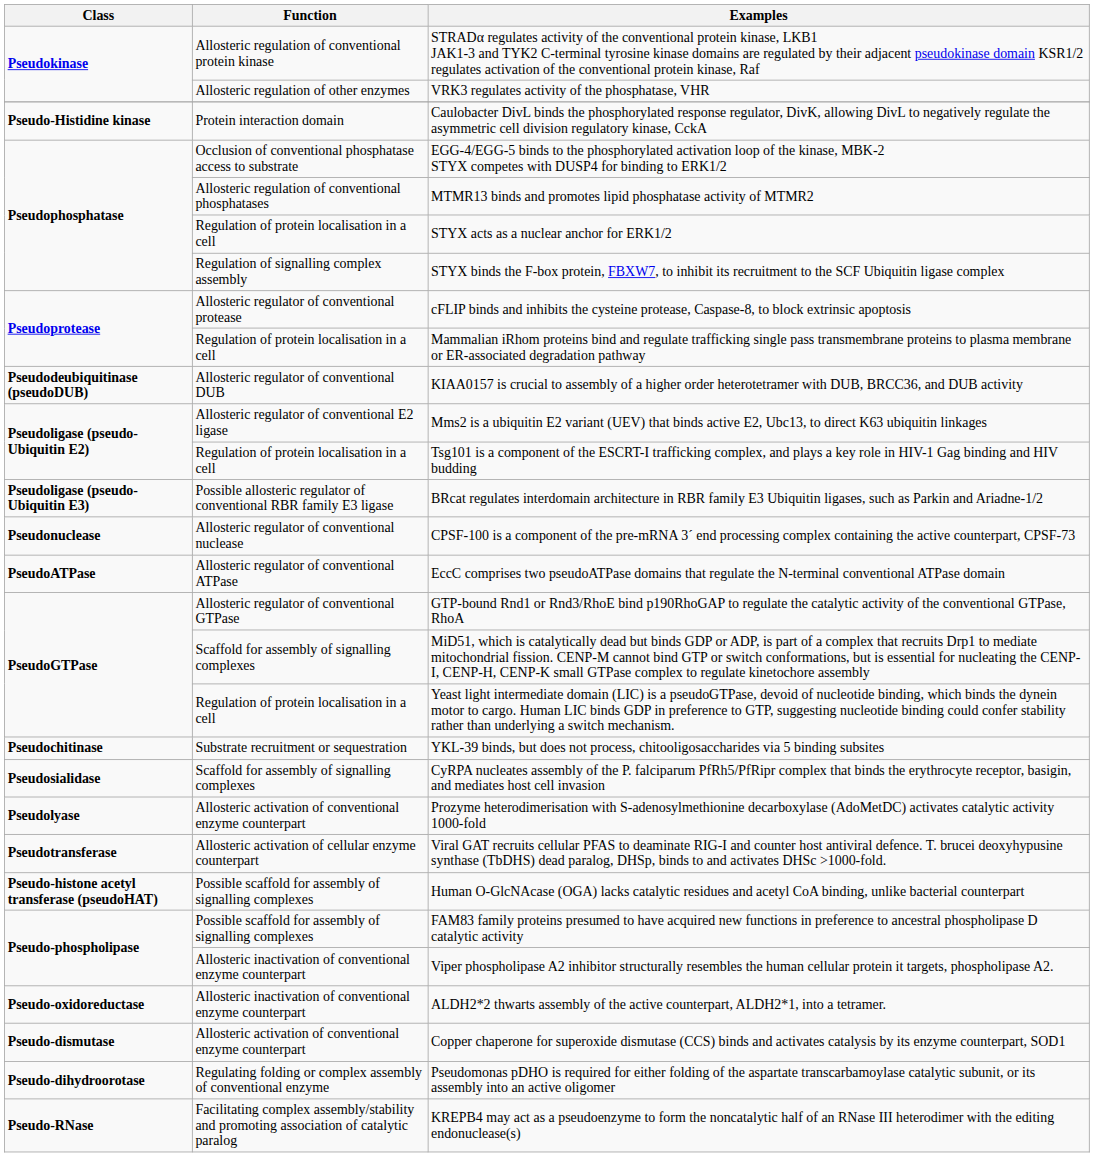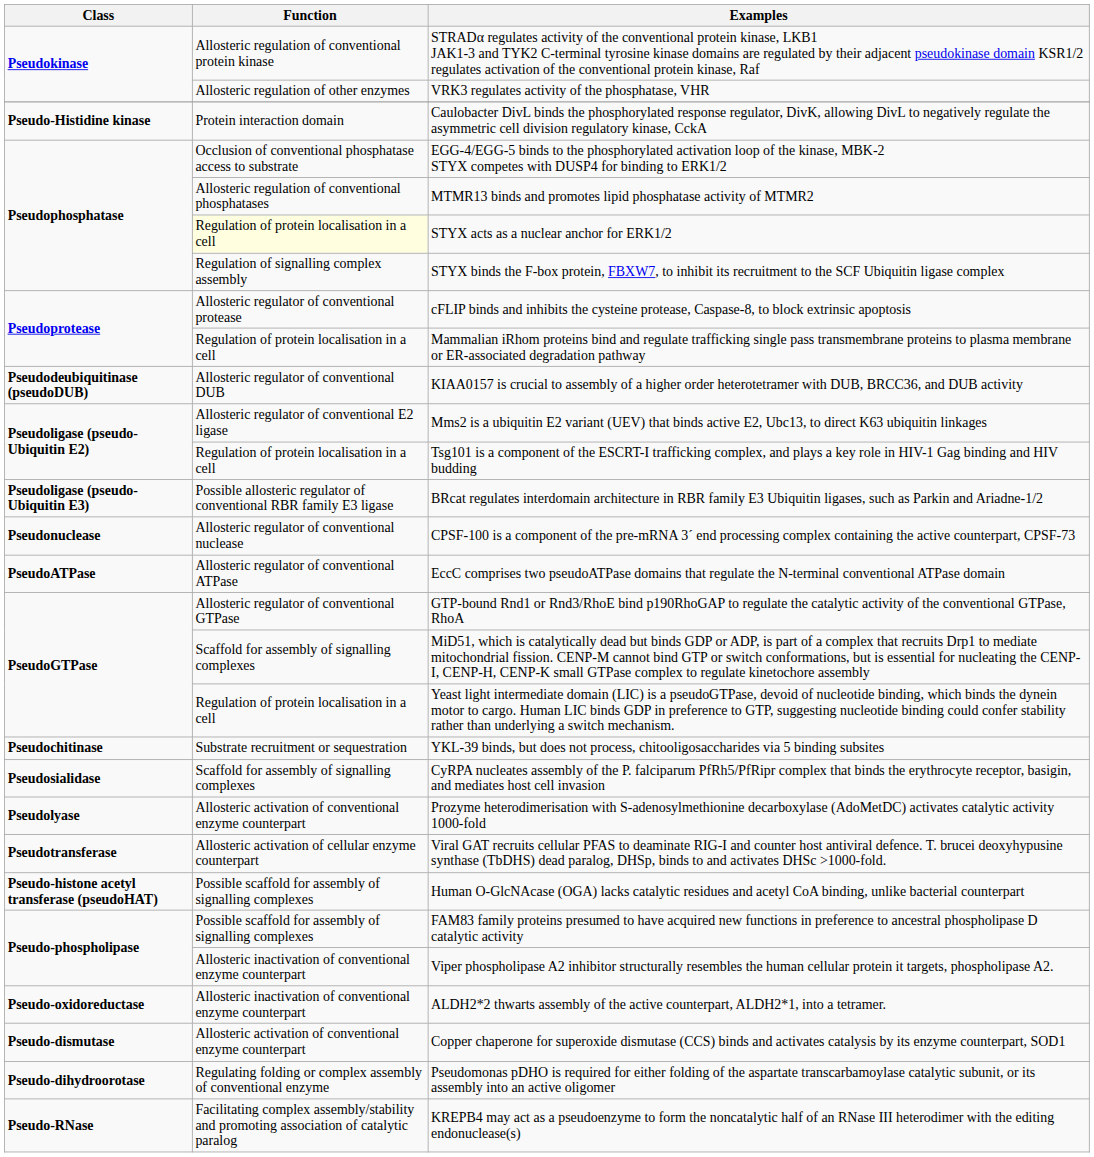 <table class="wikitable">
 <tr>
 <th>Class</th>
 <th>Function</th>
 <th>Examples </th>
 </tr>
 <tr>
 <td rowspan="2"><strong><a href='#'>Pseudokinase</a></strong></td>
 <td>Allosteric regulation of conventional protein kinase</td>
 <td>STRADα regulates activity of the conventional protein kinase, LKB1<br>JAK1-3 and TYK2 C-terminal tyrosine kinase domains are regulated by their adjacent <a href='#'>pseudokinase domain</a> KSR1/2 regulates activation of the conventional protein kinase, Raf</td>
 </tr>
 <tr>
 <td>Allosteric regulation of other enzymes</td>
 <td>VRK3 regulates activity of the phosphatase, VHR</td>
 </tr>
 <tr |  || Protein interaction domain  || MLKL pseudokinase regulates exposure of the executioner four-helix bundle domain, and engagement of HSP90:Cdc37>
 </tr>
 <tr | || Scaffold for assembly of signalling complexes || Tribbles proteins nucleate assembly of a complex between a substrate (C/EBPα) and the E3 Ubiquitin ligase, COP1>
 </tr>
 <tr>
 <td><strong>Pseudo-Histidine kinase</strong></td>
 <td>Protein interaction domain</td>
 <td>Caulobacter DivL binds the phosphorylated response regulator, DivK, allowing DivL to negatively regulate the asymmetric cell division regulatory kinase, CckA</td>
 </tr>
 <tr>
 <td rowspan="4"><strong>Pseudophosphatase</strong></td>
 <td>Occlusion of conventional phosphatase access to substrate</td>
 <td>EGG-4/EGG-5 binds to the phosphorylated activation loop of the kinase, MBK-2<br>STYX competes with DUSP4 for binding to ERK1/2</td>
 </tr>
 <tr>
 <td>Allosteric regulation of conventional phosphatases</td>
 <td>MTMR13 binds and promotes lipid phosphatase activity of MTMR2</td>
 </tr>
 <tr>
-<td>Regulation of protein localisation in a cell</td>
+<td style="background: lightyellow;">Regulation of protein localisation in a cell</td>
 <td>STYX acts as a nuclear anchor for ERK1/2</td>
 </tr>
 <tr>
 <td>Regulation of signalling complex assembly</td>
 <td>STYX binds the F-box protein, <a href='#'>FBXW7</a>, to inhibit its recruitment to the SCF Ubiquitin ligase complex</td>
 </tr>
 <tr>
 <td rowspan="2"><strong><a href='#'>Pseudoprotease</a></strong></td>
 <td>Allosteric regulator of conventional protease</td>
 <td>cFLIP binds and inhibits the cysteine protease, Caspase-8, to block extrinsic apoptosis</td>
 </tr>
 <tr>
 <td>Regulation of protein localisation in a cell</td>
 <td>Mammalian iRhom proteins bind and regulate trafficking single pass transmembrane proteins to plasma membrane or ER-associated degradation pathway</td>
 </tr>
 <tr>
 <td><strong>Pseudodeubiquitinase (pseudoDUB)</strong></td>
 <td>Allosteric regulator of conventional DUB</td>
 <td>KIAA0157 is crucial to assembly of a higher order heterotetramer with DUB, BRCC36, and DUB activity</td>
 </tr>
 <tr>
 <td rowspan="2"><strong>Pseudoligase (pseudo-Ubiquitin E2)</strong></td>
 <td>Allosteric regulator of conventional E2 ligase</td>
 <td>Mms2 is a ubiquitin E2 variant (UEV) that binds active E2, Ubc13, to direct K63 ubiquitin linkages</td>
 </tr>
 <tr>
 <td>Regulation of protein localisation in a cell</td>
 <td>Tsg101 is a component of the ESCRT-I trafficking complex, and plays a key role in HIV-1 Gag binding and HIV budding</td>
 </tr>
 <tr>
 <td><strong>Pseudoligase (pseudo-Ubiquitin E3)</strong></td>
 <td>Possible allosteric regulator of conventional RBR family E3 ligase</td>
 <td>BRcat  regulates interdomain architecture in RBR family E3 Ubiquitin ligases, such as Parkin and Ariadne-1/2</td>
 </tr>
 <tr>
 <td><strong>Pseudonuclease</strong></td>
 <td>Allosteric regulator of conventional nuclease</td>
 <td>CPSF-100 is a component of the pre-mRNA 3´ end processing complex containing the active counterpart, CPSF-73</td>
 </tr>
 <tr>
 <td><strong>PseudoATPase</strong></td>
 <td>Allosteric regulator of conventional ATPase</td>
 <td>EccC comprises two pseudoATPase domains that regulate the N-terminal conventional ATPase domain</td>
 </tr>
 <tr>
 <td rowspan="3"><strong>PseudoGTPase</strong></td>
 <td>Allosteric regulator of conventional GTPase</td>
 <td>GTP-bound Rnd1 or Rnd3/RhoE bind p190RhoGAP to regulate the catalytic activity of the conventional GTPase, RhoA</td>
 </tr>
 <tr>
 <td>Scaffold for assembly of signalling complexes</td>
 <td>MiD51, which is catalytically dead but binds GDP or ADP, is part of a complex that recruits Drp1 to mediate mitochondrial fission. CENP-M cannot bind GTP or switch conformations, but is essential for nucleating the CENP-I, CENP-H, CENP-K small GTPase complex to regulate kinetochore assembly</td>
 </tr>
 <tr>
 <td>Regulation of protein localisation in a cell</td>
 <td>Yeast light intermediate domain (LIC) is a pseudoGTPase, devoid of nucleotide binding, which binds the dynein motor to cargo. Human LIC binds GDP in preference to GTP, suggesting nucleotide binding could confer stability rather than underlying a switch mechanism.</td>
 </tr>
 <tr>
 <td><strong>Pseudochitinase</strong></td>
 <td>Substrate recruitment or sequestration</td>
 <td>YKL-39 binds, but does not process, chitooligosaccharides via 5 binding subsites</td>
 </tr>
 <tr>
 <td><strong>Pseudosialidase</strong></td>
 <td>Scaffold for assembly of signalling complexes</td>
 <td>CyRPA nucleates assembly of the P. falciparum PfRh5/PfRipr  complex that binds the erythrocyte receptor, basigin, and mediates host cell invasion</td>
 </tr>
 <tr>
 <td><strong>Pseudolyase</strong></td>
 <td>Allosteric activation of conventional enzyme counterpart</td>
 <td>Prozyme heterodimerisation with S-adenosylmethionine decarboxylase (AdoMetDC) activates catalytic activity 1000-fold</td>
 </tr>
 <tr>
 <td><strong>Pseudotransferase</strong></td>
 <td>Allosteric activation of cellular enzyme counterpart</td>
 <td>Viral GAT recruits cellular PFAS to deaminate RIG-I and counter host antiviral defence. T. brucei deoxyhypusine synthase (TbDHS) dead paralog, DHSp, binds to and activates DHSc >1000-fold.</td>
 </tr>
 <tr>
 <td><strong>Pseudo-histone acetyl transferase (pseudoHAT)</strong></td>
 <td>Possible scaffold for assembly of signalling complexes</td>
 <td>Human O-GlcNAcase (OGA) lacks catalytic residues and acetyl CoA binding, unlike bacterial counterpart</td>
 </tr>
 <tr>
 <td rowspan="2"><strong>Pseudo-phospholipase</strong></td>
 <td>Possible scaffold for assembly of signalling complexes</td>
 <td>FAM83 family proteins presumed to have acquired new functions in preference to ancestral phospholipase D catalytic activity</td>
 </tr>
 <tr>
 <td>Allosteric inactivation of conventional enzyme counterpart</td>
 <td>Viper phospholipase A2 inhibitor structurally resembles the human cellular protein it targets, phospholipase A2.</td>
 </tr>
 <tr>
 <td><strong>Pseudo-oxidoreductase</strong></td>
 <td>Allosteric inactivation of conventional enzyme counterpart</td>
 <td>ALDH2*2 thwarts assembly of the active counterpart, ALDH2*1, into a tetramer.</td>
 </tr>
 <tr>
 <td><strong>Pseudo-dismutase</strong></td>
 <td>Allosteric activation of conventional enzyme counterpart</td>
 <td>Copper chaperone for superoxide dismutase (CCS) binds and activates catalysis by its enzyme counterpart, SOD1</td>
 </tr>
 <tr>
 <td><strong>Pseudo-dihydroorotase</strong></td>
 <td>Regulating folding or complex assembly of conventional enzyme</td>
 <td>Pseudomonas pDHO is required for either folding of the aspartate transcarbamoylase catalytic subunit, or its assembly into an active oligomer</td>
 </tr>
 <tr>
 <td><strong>Pseudo-RNase</strong></td>
 <td>Facilitating complex assembly/stability and promoting association of catalytic paralog</td>
 <td>KREPB4 may act as a pseudoenzyme to form the noncatalytic half of an RNase III heterodimer with the editing endonuclease(s)</td>
 </tr>
 </table>
